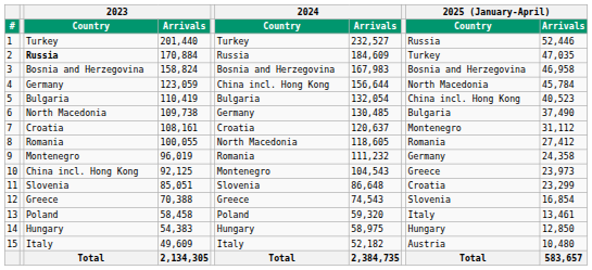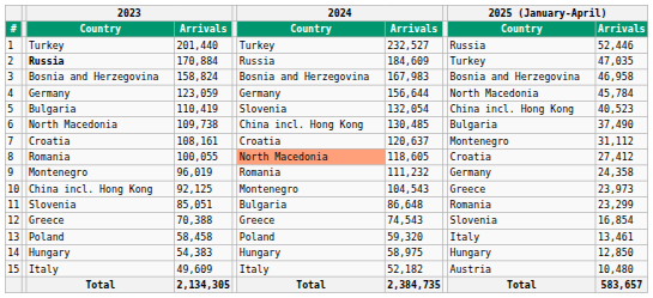 <table class="wikitable">
 <tr>
 <th></th>
 <th></th>
 <th colspan=2>2023</th>
 <th></th>
 <th colspan=2>2024</th>
 <th></th>
 <th colspan=2>2025 (January-April)</th>
 </tr>
 <tr style="color:white;">
 <th style="width:5px; background:#00966E;">#</th>
 <th></th>
 <th style="width:190px; background:#00966E;">Country</th>
 <th style="width:50px; background:#00966E;">Arrivals</th>
 <th></th>
 <th style="width:190px; background:#00966E;">Country</th>
 <th style="width:50px; background:#00966E;">Arrivals</th>
 <th></th>
 <th style="width:190px; background:#00966E;">Country</th>
 <th style="width:50px; background:#00966E;">Arrivals</th>
 </tr>
 <tr>
 <td>1</td>
 <td></td>
 <td> Turkey</td>
 <td>201,440</td>
 <td></td>
 <td> Turkey</td>
 <td>232,527</td>
 <td></td>
 <td> Russia</td>
 <td>52,446</td>
 </tr>
 <tr>
 <td>2</td>
 <td></td>
 <td><strong> Russia</strong></td>
 <td>170,884</td>
 <td></td>
 <td> Russia</td>
 <td>184,609</td>
 <td></td>
 <td> Turkey</td>
 <td>47,035</td>
 </tr>
 <tr>
 <td>3</td>
 <td></td>
 <td> Bosnia and Herzegovina</td>
 <td>158,824</td>
 <td></td>
 <td> Bosnia and Herzegovina</td>
 <td>167,983</td>
 <td></td>
 <td> Bosnia and Herzegovina</td>
 <td>46,958</td>
 </tr>
 <tr>
 <td>4</td>
 <td></td>
 <td> Germany</td>
 <td>123,059</td>
 <td></td>
-<td> China incl. Hong Kong</td>
+<td> Germany</td>
 <td>156,644</td>
 <td></td>
 <td> North Macedonia</td>
 <td>45,784</td>
 </tr>
 <tr>
 <td>5</td>
 <td></td>
 <td> Bulgaria</td>
 <td>110,419</td>
 <td></td>
-<td> Bulgaria</td>
+<td> Slovenia</td>
 <td>132,054</td>
 <td></td>
 <td> China incl. Hong Kong</td>
 <td>40,523</td>
 </tr>
 <tr>
 <td>6</td>
 <td></td>
 <td> North Macedonia</td>
 <td>109,738</td>
 <td></td>
-<td> Germany</td>
+<td> China incl. Hong Kong</td>
 <td>130,485</td>
 <td></td>
 <td> Bulgaria</td>
 <td>37,490</td>
 </tr>
 <tr>
 <td>7</td>
 <td></td>
 <td> Croatia</td>
 <td>108,161</td>
 <td></td>
 <td> Croatia</td>
 <td>120,637</td>
 <td></td>
 <td> Montenegro</td>
 <td>31,112</td>
 </tr>
 <tr>
 <td>8</td>
 <td></td>
 <td> Romania</td>
 <td>100,055</td>
 <td></td>
-<td> North Macedonia</td>
+<td style="background: lightsalmon;"> North Macedonia</td>
 <td>118,605</td>
 <td></td>
-<td> Romania</td>
+<td> Croatia</td>
 <td>27,412</td>
 </tr>
 <tr>
 <td>9</td>
 <td></td>
 <td> Montenegro</td>
 <td>96,019</td>
 <td></td>
 <td> Romania</td>
 <td>111,232</td>
 <td></td>
 <td> Germany</td>
 <td>24,358</td>
 </tr>
 <tr>
 <td>10</td>
 <td></td>
 <td> China incl. Hong Kong</td>
 <td>92,125</td>
 <td></td>
 <td> Montenegro</td>
 <td>104,543</td>
 <td></td>
 <td> Greece</td>
 <td>23,973</td>
 </tr>
 <tr>
 <td>11</td>
 <td></td>
 <td> Slovenia</td>
 <td>85,051</td>
 <td></td>
-<td> Slovenia</td>
+<td> Bulgaria</td>
 <td>86,648</td>
 <td></td>
-<td> Croatia</td>
+<td> Romania</td>
 <td>23,299</td>
 </tr>
 <tr>
 <td>12</td>
 <td></td>
 <td> Greece</td>
 <td>70,388</td>
 <td></td>
 <td> Greece</td>
 <td>74,543</td>
 <td></td>
 <td> Slovenia</td>
 <td>16,854</td>
 </tr>
 <tr>
 <td>13</td>
 <td></td>
 <td> Poland</td>
 <td>58,458</td>
 <td></td>
 <td> Poland</td>
 <td>59,320</td>
 <td></td>
 <td> Italy</td>
 <td>13,461</td>
 </tr>
 <tr>
 <td>14</td>
 <td></td>
 <td> Hungary</td>
 <td>54,383</td>
 <td></td>
 <td> Hungary</td>
 <td>58,975</td>
 <td></td>
 <td> Hungary</td>
 <td>12,850</td>
 </tr>
 <tr>
 <td>15</td>
 <td></td>
 <td> Italy</td>
 <td>49,609</td>
 <td></td>
 <td> Italy</td>
 <td>52,182</td>
 <td></td>
 <td> Austria</td>
 <td>10,480</td>
 </tr>
 <tr>
 <th></th>
 <th></th>
 <th>Total</th>
 <th>2,134,305</th>
 <td></td>
 <th>Total</th>
 <th>2,384,735</th>
 <td></td>
 <th>Total</th>
 <th>583,657</th>
 </tr>
 </table>
